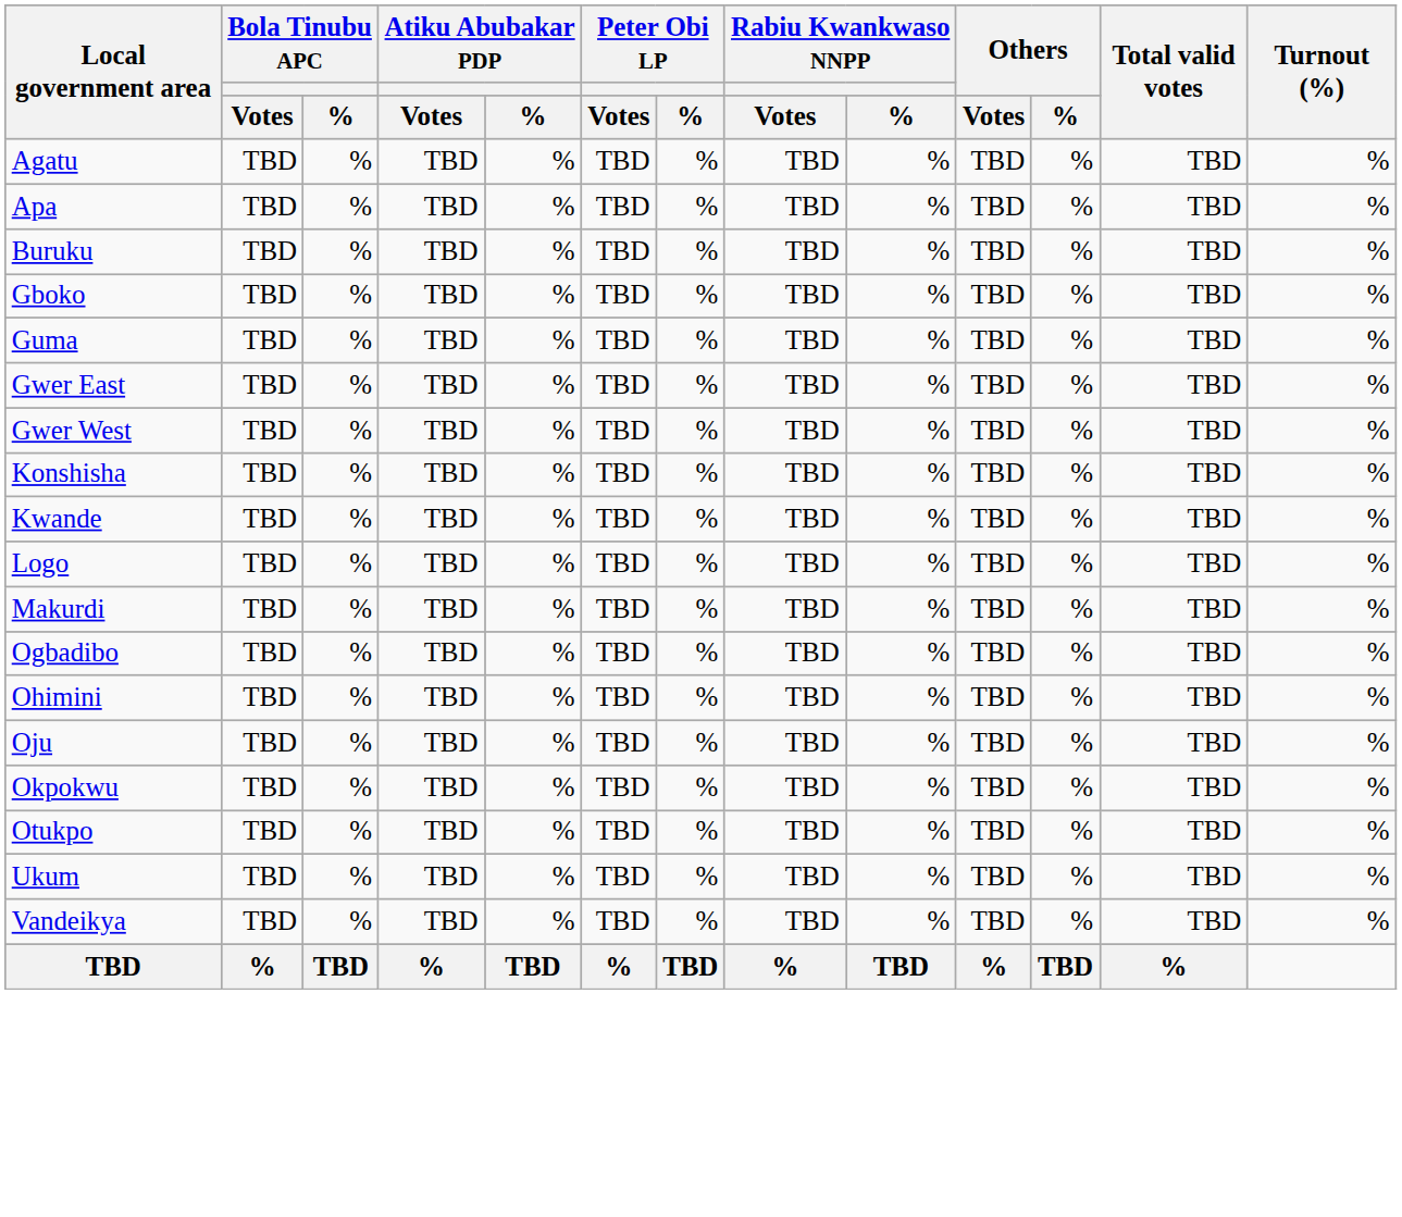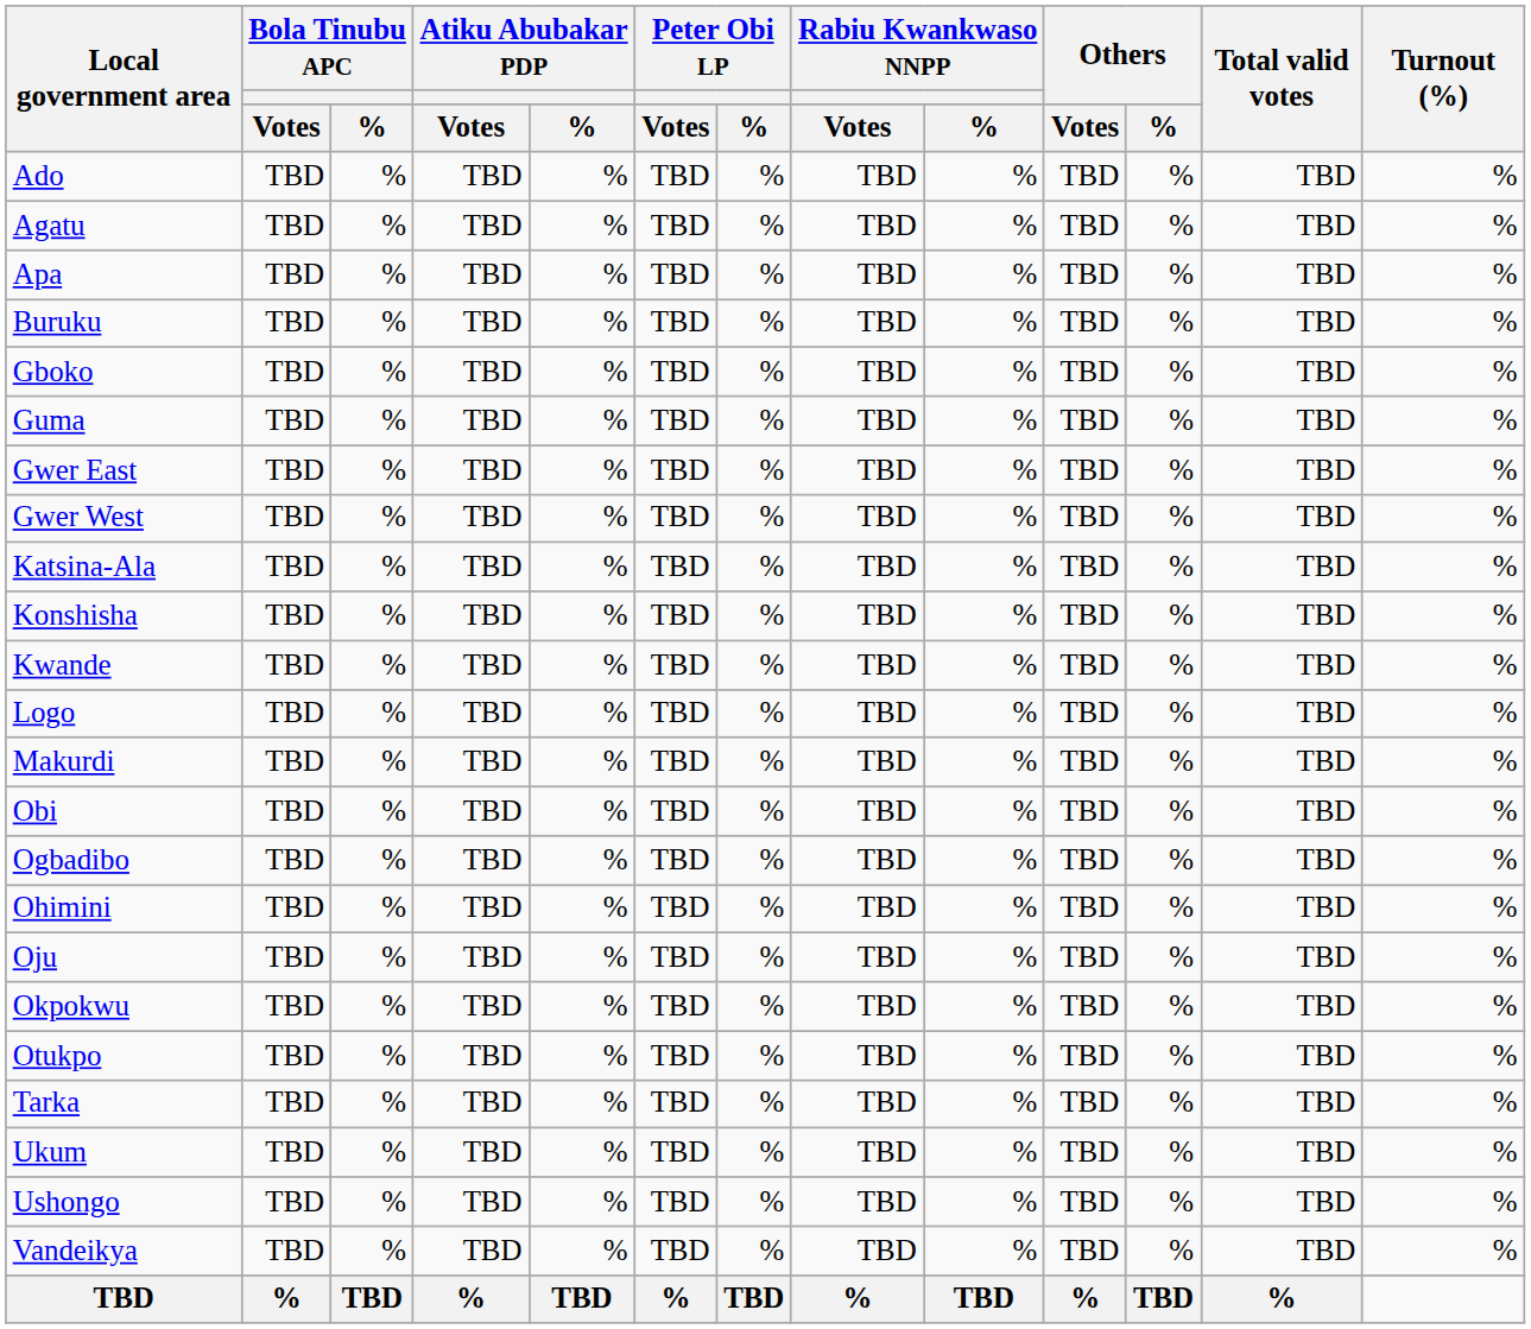 <table class="wikitable sortable" style="text-align:right; font-size:90%">
 <tr>
 <th rowspan="3" style="max-width:7.5em;">Local government area</th>
 <th colspan="2"><a href='#'>Bola Tinubu</a><br><small>APC</small></th>
 <th colspan="2"><a href='#'>Atiku Abubakar</a><br><small>PDP</small></th>
 <th colspan="2"><a href='#'>Peter Obi</a><br><small>LP</small></th>
 <th colspan="2"><a href='#'>Rabiu Kwankwaso</a><br><small>NNPP</small></th>
 <th colspan="2" rowspan="2">Others</th>
 <th rowspan="3" style="max-width:5em;">Total valid votes</th>
 <th rowspan="3" style="max-width:5em;">Turnout (%)</th>
 </tr>
 <tr>
 <th colspan=2 style="background-color:"></th>
 <th colspan=2 style="background-color:"></th>
 <th colspan=2 style="background-color:"></th>
 <th colspan=2 style="background-color:"></th>
 </tr>
 <tr>
 <th>Votes</th>
 <th>%</th>
 <th>Votes</th>
 <th>%</th>
 <th>Votes</th>
 <th>%</th>
 <th>Votes</th>
 <th>%</th>
 <th>Votes</th>
 <th>%</th>
+</tr>
+<tr style="background-color:#">
+<td style="text-align:left;"><a href='#'>Ado</a></td>
+<td>TBD</td>
+<td>%</td>
+<td>TBD</td>
+<td>%</td>
+<td>TBD</td>
+<td>%</td>
+<td>TBD</td>
+<td>%</td>
+<td>TBD</td>
+<td>%</td>
+<td>TBD</td>
+<td>%</td>
 </tr>
 <tr style="background-color:#">
 <td style="text-align:left;"><a href='#'>Agatu</a></td>
 <td>TBD</td>
 <td>%</td>
 <td>TBD</td>
 <td>%</td>
 <td>TBD</td>
 <td>%</td>
 <td>TBD</td>
 <td>%</td>
 <td>TBD</td>
 <td>%</td>
 <td>TBD</td>
 <td>%</td>
 </tr>
 <tr style="background-color:#">
 <td style="text-align:left;"><a href='#'>Apa</a></td>
 <td>TBD</td>
 <td>%</td>
 <td>TBD</td>
 <td>%</td>
 <td>TBD</td>
 <td>%</td>
 <td>TBD</td>
 <td>%</td>
 <td>TBD</td>
 <td>%</td>
 <td>TBD</td>
 <td>%</td>
 </tr>
 <tr style="background-color:#">
 <td style="text-align:left;"><a href='#'>Buruku</a></td>
 <td>TBD</td>
 <td>%</td>
 <td>TBD</td>
 <td>%</td>
 <td>TBD</td>
 <td>%</td>
 <td>TBD</td>
 <td>%</td>
 <td>TBD</td>
 <td>%</td>
 <td>TBD</td>
 <td>%</td>
 </tr>
 <tr style="background-color:#">
 <td style="text-align:left;"><a href='#'>Gboko</a></td>
 <td>TBD</td>
 <td>%</td>
 <td>TBD</td>
 <td>%</td>
 <td>TBD</td>
 <td>%</td>
 <td>TBD</td>
 <td>%</td>
 <td>TBD</td>
 <td>%</td>
 <td>TBD</td>
 <td>%</td>
 </tr>
 <tr style="background-color:#">
 <td style="text-align:left;"><a href='#'>Guma</a></td>
 <td>TBD</td>
 <td>%</td>
 <td>TBD</td>
 <td>%</td>
 <td>TBD</td>
 <td>%</td>
 <td>TBD</td>
 <td>%</td>
 <td>TBD</td>
 <td>%</td>
 <td>TBD</td>
 <td>%</td>
 </tr>
 <tr style="background-color:#">
 <td style="text-align:left;"><a href='#'>Gwer East</a></td>
 <td>TBD</td>
 <td>%</td>
 <td>TBD</td>
 <td>%</td>
 <td>TBD</td>
 <td>%</td>
 <td>TBD</td>
 <td>%</td>
 <td>TBD</td>
 <td>%</td>
 <td>TBD</td>
 <td>%</td>
 </tr>
 <tr style="background-color:#">
 <td style="text-align:left;"><a href='#'>Gwer West</a></td>
 <td>TBD</td>
 <td>%</td>
 <td>TBD</td>
 <td>%</td>
 <td>TBD</td>
 <td>%</td>
 <td>TBD</td>
 <td>%</td>
 <td>TBD</td>
 <td>%</td>
 <td>TBD</td>
 <td>%</td>
 </tr>
 <tr style="background-color:#">
+<td style="text-align:left;"><a href='#'>Katsina-Ala</a></td>
+<td>TBD</td>
+<td>%</td>
+<td>TBD</td>
+<td>%</td>
+<td>TBD</td>
+<td>%</td>
+<td>TBD</td>
+<td>%</td>
+<td>TBD</td>
+<td>%</td>
+<td>TBD</td>
+<td>%</td>
+</tr>
+<tr style="background-color:#">
 <td style="text-align:left;"><a href='#'>Konshisha</a></td>
 <td>TBD</td>
 <td>%</td>
 <td>TBD</td>
 <td>%</td>
 <td>TBD</td>
 <td>%</td>
 <td>TBD</td>
 <td>%</td>
 <td>TBD</td>
 <td>%</td>
 <td>TBD</td>
 <td>%</td>
 </tr>
 <tr style="background-color:#">
 <td style="text-align:left;"><a href='#'>Kwande</a></td>
 <td>TBD</td>
 <td>%</td>
 <td>TBD</td>
 <td>%</td>
 <td>TBD</td>
 <td>%</td>
 <td>TBD</td>
 <td>%</td>
 <td>TBD</td>
 <td>%</td>
 <td>TBD</td>
 <td>%</td>
 </tr>
 <tr style="background-color:#">
 <td style="text-align:left;"><a href='#'>Logo</a></td>
 <td>TBD</td>
 <td>%</td>
 <td>TBD</td>
 <td>%</td>
 <td>TBD</td>
 <td>%</td>
 <td>TBD</td>
 <td>%</td>
 <td>TBD</td>
 <td>%</td>
 <td>TBD</td>
 <td>%</td>
 </tr>
 <tr style="background-color:#">
 <td style="text-align:left;"><a href='#'>Makurdi</a></td>
+<td>TBD</td>
+<td>%</td>
+<td>TBD</td>
+<td>%</td>
+<td>TBD</td>
+<td>%</td>
+<td>TBD</td>
+<td>%</td>
+<td>TBD</td>
+<td>%</td>
+<td>TBD</td>
+<td>%</td>
+</tr>
+<tr style="background-color:#">
+<td style="text-align:left;"><a href='#'>Obi</a></td>
 <td>TBD</td>
 <td>%</td>
 <td>TBD</td>
 <td>%</td>
 <td>TBD</td>
 <td>%</td>
 <td>TBD</td>
 <td>%</td>
 <td>TBD</td>
 <td>%</td>
 <td>TBD</td>
 <td>%</td>
 </tr>
 <tr style="background-color:#">
 <td style="text-align:left;"><a href='#'>Ogbadibo</a></td>
 <td>TBD</td>
 <td>%</td>
 <td>TBD</td>
 <td>%</td>
 <td>TBD</td>
 <td>%</td>
 <td>TBD</td>
 <td>%</td>
 <td>TBD</td>
 <td>%</td>
 <td>TBD</td>
 <td>%</td>
 </tr>
 <tr style="background-color:#">
 <td style="text-align:left;"><a href='#'>Ohimini</a></td>
 <td>TBD</td>
 <td>%</td>
 <td>TBD</td>
 <td>%</td>
 <td>TBD</td>
 <td>%</td>
 <td>TBD</td>
 <td>%</td>
 <td>TBD</td>
 <td>%</td>
 <td>TBD</td>
 <td>%</td>
 </tr>
 <tr style="background-color:#">
 <td style="text-align:left;"><a href='#'>Oju</a></td>
 <td>TBD</td>
 <td>%</td>
 <td>TBD</td>
 <td>%</td>
 <td>TBD</td>
 <td>%</td>
 <td>TBD</td>
 <td>%</td>
 <td>TBD</td>
 <td>%</td>
 <td>TBD</td>
 <td>%</td>
 </tr>
 <tr style="background-color:#">
 <td style="text-align:left;"><a href='#'>Okpokwu</a></td>
 <td>TBD</td>
 <td>%</td>
 <td>TBD</td>
 <td>%</td>
 <td>TBD</td>
 <td>%</td>
 <td>TBD</td>
 <td>%</td>
 <td>TBD</td>
 <td>%</td>
 <td>TBD</td>
 <td>%</td>
 </tr>
 <tr style="background-color:#">
 <td style="text-align:left;"><a href='#'>Otukpo</a></td>
 <td>TBD</td>
 <td>%</td>
 <td>TBD</td>
 <td>%</td>
 <td>TBD</td>
 <td>%</td>
 <td>TBD</td>
 <td>%</td>
 <td>TBD</td>
 <td>%</td>
 <td>TBD</td>
 <td>%</td>
 </tr>
 <tr style="background-color:#">
+<td style="text-align:left;"><a href='#'>Tarka</a></td>
+<td>TBD</td>
+<td>%</td>
+<td>TBD</td>
+<td>%</td>
+<td>TBD</td>
+<td>%</td>
+<td>TBD</td>
+<td>%</td>
+<td>TBD</td>
+<td>%</td>
+<td>TBD</td>
+<td>%</td>
+</tr>
+<tr style="background-color:#">
 <td style="text-align:left;"><a href='#'>Ukum</a></td>
+<td>TBD</td>
+<td>%</td>
+<td>TBD</td>
+<td>%</td>
+<td>TBD</td>
+<td>%</td>
+<td>TBD</td>
+<td>%</td>
+<td>TBD</td>
+<td>%</td>
+<td>TBD</td>
+<td>%</td>
+</tr>
+<tr style="background-color:#">
+<td style="text-align:left;"><a href='#'>Ushongo</a></td>
 <td>TBD</td>
 <td>%</td>
 <td>TBD</td>
 <td>%</td>
 <td>TBD</td>
 <td>%</td>
 <td>TBD</td>
 <td>%</td>
 <td>TBD</td>
 <td>%</td>
 <td>TBD</td>
 <td>%</td>
 </tr>
 <tr style="background-color:#">
 <td style="text-align:left;"><a href='#'>Vandeikya</a></td>
 <td>TBD</td>
 <td>%</td>
 <td>TBD</td>
 <td>%</td>
 <td>TBD</td>
 <td>%</td>
 <td>TBD</td>
 <td>%</td>
 <td>TBD</td>
 <td>%</td>
 <td>TBD</td>
 <td>%</td>
 </tr>
 <tr>
 <th>TBD</th>
 <th>%</th>
 <th>TBD</th>
 <th>%</th>
 <th>TBD</th>
 <th>%</th>
 <th>TBD</th>
 <th>%</th>
 <th>TBD</th>
 <th>%</th>
 <th>TBD</th>
 <th>%</th>
 </tr>
 </table>
